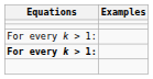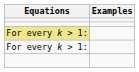 <table class="wikitable">
 <tr>
 <th>Equations</th>
 <th>Examples</th>
 </tr>
 <tr>
 <td></td>
 <td></td>
 </tr>
 <tr>
 <td></td>
 <td></td>
 </tr>
 <tr>
-<td>For every <em>k</em> > 1:<br></td>
+<td style="background: khaki;">For every <em>k</em> > 1:<br></td>
 <td></td>
 </tr>
 <tr>
-<td><strong>For every <em>k</em> > 1:<br></strong></td>
+<td>For every <em>k</em> > 1:<br></td>
 <td></td>
 </tr>
 <tr>
 <td><br></td>
 <td></td>
 </tr>
 </table>
